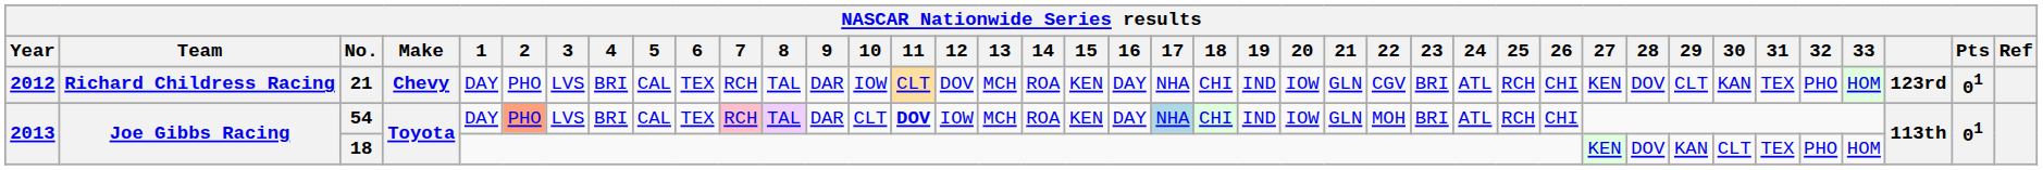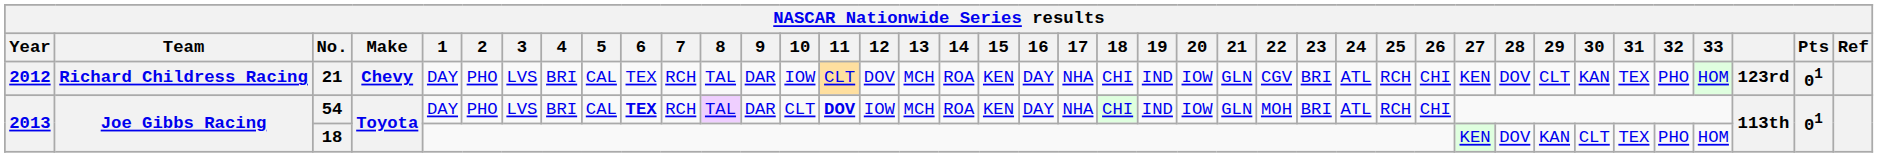 <table class="wikitable" style="text-align:center; font-size:75%">
 <tr>
 <th colspan=42><a href='#'>NASCAR Nationwide Series</a> results</th>
 </tr>
 <tr>
 <th>Year</th>
 <th>Team</th>
 <th>No.</th>
 <th>Make</th>
 <th>1</th>
 <th>2</th>
 <th>3</th>
 <th>4</th>
 <th>5</th>
 <th>6</th>
 <th>7</th>
 <th>8</th>
 <th>9</th>
 <th>10</th>
 <th>11</th>
 <th>12</th>
 <th>13</th>
 <th>14</th>
 <th>15</th>
 <th>16</th>
 <th>17</th>
 <th>18</th>
 <th>19</th>
 <th>20</th>
 <th>21</th>
 <th>22</th>
 <th>23</th>
 <th>24</th>
 <th>25</th>
 <th>26</th>
 <th>27</th>
 <th>28</th>
 <th>29</th>
 <th>30</th>
 <th>31</th>
 <th>32</th>
 <th>33</th>
 <th></th>
 <th>Pts</th>
 <th>Ref</th>
 </tr>
 <tr>
 <th><a href='#'>2012</a></th>
 <th><a href='#'>Richard Childress Racing</a></th>
 <th>21</th>
 <th><a href='#'>Chevy</a></th>
 <td><a href='#'>DAY</a></td>
 <td><a href='#'>PHO</a></td>
 <td><a href='#'>LVS</a></td>
 <td><a href='#'>BRI</a></td>
 <td><a href='#'>CAL</a></td>
 <td><a href='#'>TEX</a></td>
 <td><a href='#'>RCH</a></td>
 <td><a href='#'>TAL</a></td>
 <td><a href='#'>DAR</a></td>
 <td><a href='#'>IOW</a></td>
 <td style="background:#FFDF9F;"><a href='#'>CLT</a><br></td>
 <td><a href='#'>DOV</a></td>
 <td><a href='#'>MCH</a></td>
 <td><a href='#'>ROA</a></td>
 <td><a href='#'>KEN</a></td>
 <td><a href='#'>DAY</a></td>
 <td><a href='#'>NHA</a></td>
 <td><a href='#'>CHI</a></td>
 <td><a href='#'>IND</a></td>
 <td><a href='#'>IOW</a></td>
 <td><a href='#'>GLN</a></td>
 <td><a href='#'>CGV</a></td>
 <td><a href='#'>BRI</a></td>
 <td><a href='#'>ATL</a></td>
 <td><a href='#'>RCH</a></td>
 <td><a href='#'>CHI</a></td>
 <td><a href='#'>KEN</a></td>
 <td><a href='#'>DOV</a></td>
 <td><a href='#'>CLT</a></td>
 <td><a href='#'>KAN</a></td>
 <td><a href='#'>TEX</a></td>
 <td><a href='#'>PHO</a></td>
 <td style="background:#DFFFDF;"><a href='#'>HOM</a><br></td>
 <th>123rd</th>
 <th>0<sup>1</sup></th>
 <th></th>
 </tr>
 <tr>
 <th rowspan=2><a href='#'>2013</a></th>
 <th rowspan=2><a href='#'>Joe Gibbs Racing</a></th>
 <th>54</th>
 <th rowspan=2><a href='#'>Toyota</a></th>
 <td><a href='#'>DAY</a></td>
-<td style="background: lightsalmon;"><a href='#'>PHO</a></td>
+<td><a href='#'>PHO</a></td>
 <td><a href='#'>LVS</a></td>
 <td><a href='#'>BRI</a></td>
 <td><a href='#'>CAL</a></td>
-<td><a href='#'>TEX</a></td>
-<td style="background: pink;"><a href='#'>RCH</a></td>
+<td><strong><a href='#'>TEX</a></strong></td>
+<td><a href='#'>RCH</a></td>
 <td style="background:#EFCFFF;"><a href='#'>TAL</a><br></td>
 <td><a href='#'>DAR</a></td>
 <td><a href='#'>CLT</a></td>
 <td><strong><a href='#'>DOV</a></strong></td>
 <td><a href='#'>IOW</a></td>
 <td><a href='#'>MCH</a></td>
 <td><a href='#'>ROA</a></td>
 <td><a href='#'>KEN</a></td>
 <td><a href='#'>DAY</a></td>
-<td style="background: lightblue;"><a href='#'>NHA</a></td>
+<td><a href='#'>NHA</a></td>
 <td style="background:#DFFFDF;"><a href='#'>CHI</a><br></td>
 <td><a href='#'>IND</a></td>
 <td><a href='#'>IOW</a></td>
 <td><a href='#'>GLN</a></td>
 <td><a href='#'>MOH</a></td>
 <td><a href='#'>BRI</a></td>
 <td><a href='#'>ATL</a></td>
 <td><a href='#'>RCH</a></td>
 <td><a href='#'>CHI</a></td>
 <td colspan=7></td>
 <th rowspan=2>113th</th>
 <th rowspan=2>0<sup>1</sup></th>
 <th rowspan=2></th>
 </tr>
 <tr>
 <th>18</th>
 <td colspan=26></td>
 <td style="background:#DFFFDF;"><a href='#'>KEN</a><br></td>
 <td><a href='#'>DOV</a></td>
 <td><a href='#'>KAN</a></td>
 <td><a href='#'>CLT</a></td>
 <td><a href='#'>TEX</a></td>
 <td><a href='#'>PHO</a></td>
 <td><a href='#'>HOM</a></td>
 </tr>
 </table>
